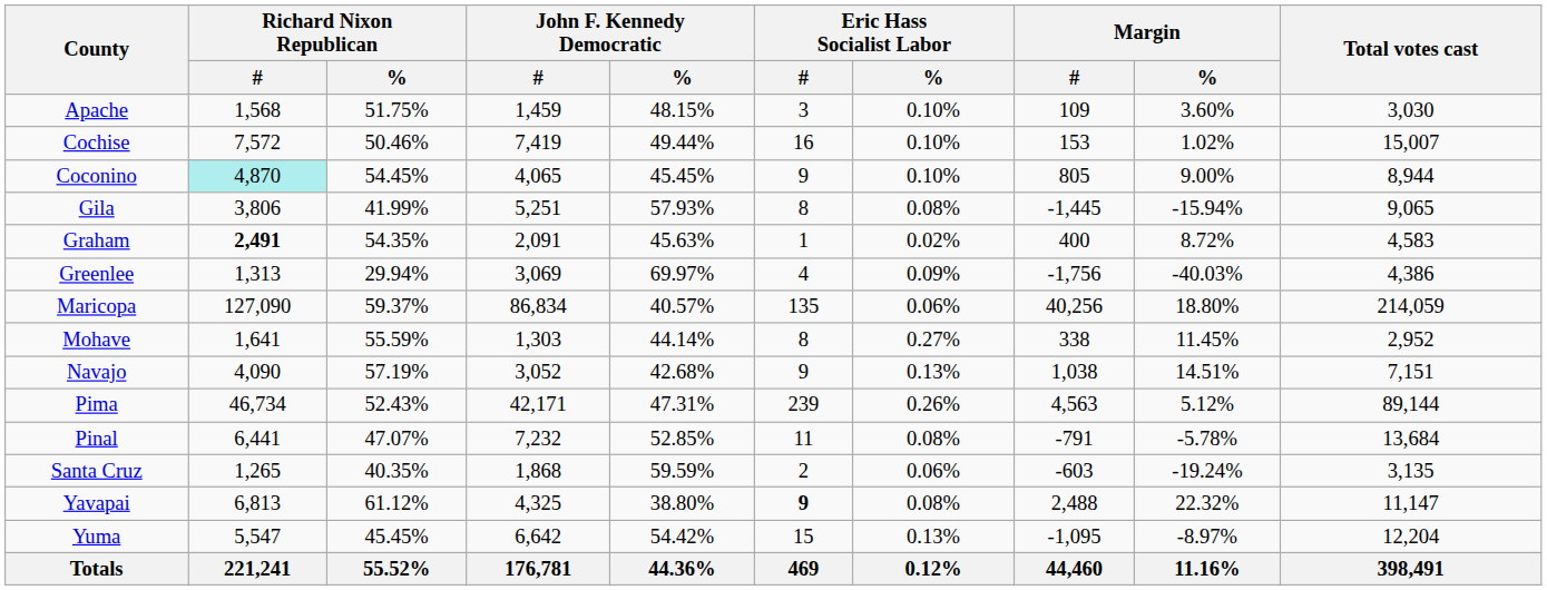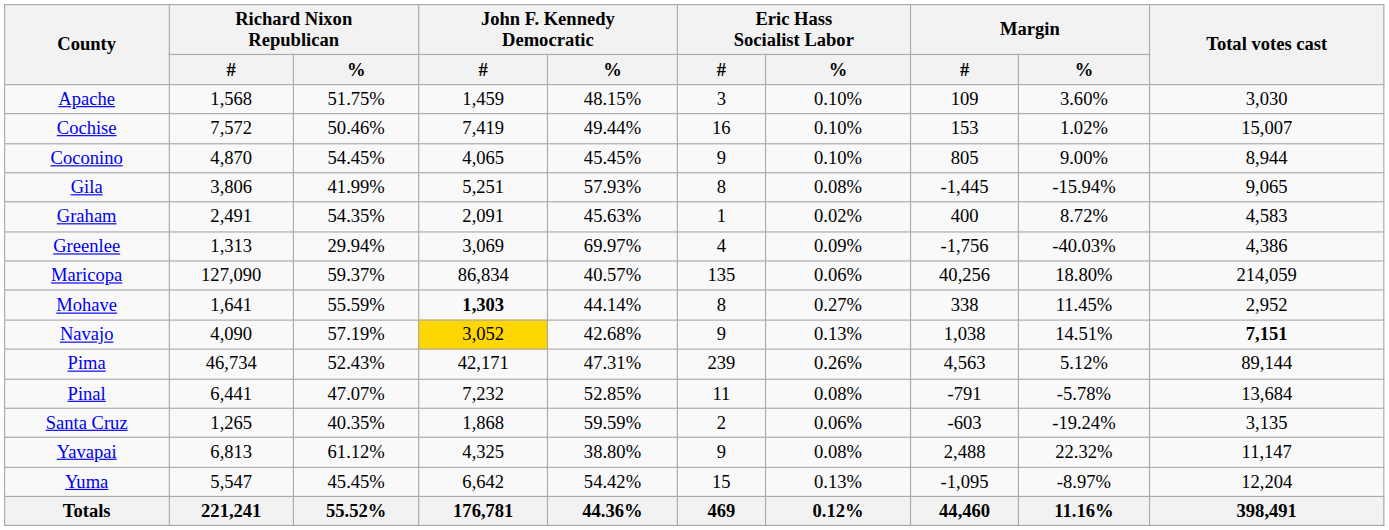 <table width="60%" class="wikitable sortable">
 <tr>
 <th rowspan="2">County</th>
 <th colspan="2">Richard Nixon<br>Republican</th>
 <th colspan="2">John F. Kennedy<br>Democratic</th>
 <th colspan="2">Eric Hass<br>Socialist Labor</th>
 <th colspan="2">Margin</th>
 <th rowspan="2">Total votes cast</th>
 </tr>
 <tr>
 <th data-sort-type="number">#</th>
 <th data-sort-type="number">%</th>
 <th data-sort-type="number">#</th>
 <th data-sort-type="number">%</th>
 <th data-sort-type="number">#</th>
 <th data-sort-type="number">%</th>
 <th data-sort-type="number">#</th>
 <th data-sort-type="number">%</th>
 </tr>
 <tr style="text-align:center;">
 <td><a href='#'>Apache</a></td>
 <td>1,568</td>
 <td>51.75%</td>
 <td>1,459</td>
 <td>48.15%</td>
 <td>3</td>
 <td>0.10%</td>
 <td>109</td>
 <td>3.60%</td>
 <td>3,030</td>
 </tr>
 <tr style="text-align:center;">
 <td><a href='#'>Cochise</a></td>
 <td>7,572</td>
 <td>50.46%</td>
 <td>7,419</td>
 <td>49.44%</td>
 <td>16</td>
 <td>0.10%</td>
 <td>153</td>
 <td>1.02%</td>
 <td>15,007</td>
 </tr>
 <tr style="text-align:center;">
 <td><a href='#'>Coconino</a></td>
-<td style="background: paleturquoise;">4,870</td>
+<td>4,870</td>
 <td>54.45%</td>
 <td>4,065</td>
 <td>45.45%</td>
 <td>9</td>
 <td>0.10%</td>
 <td>805</td>
 <td>9.00%</td>
 <td>8,944</td>
 </tr>
 <tr style="text-align:center;">
 <td><a href='#'>Gila</a></td>
 <td>3,806</td>
 <td>41.99%</td>
 <td>5,251</td>
 <td>57.93%</td>
 <td>8</td>
 <td>0.08%</td>
 <td>-1,445</td>
 <td>-15.94%</td>
 <td>9,065</td>
 </tr>
 <tr style="text-align:center;">
 <td><a href='#'>Graham</a></td>
-<td><strong>2,491</strong></td>
+<td>2,491</td>
 <td>54.35%</td>
 <td>2,091</td>
 <td>45.63%</td>
 <td>1</td>
 <td>0.02%</td>
 <td>400</td>
 <td>8.72%</td>
 <td>4,583</td>
 </tr>
 <tr style="text-align:center;">
 <td><a href='#'>Greenlee</a></td>
 <td>1,313</td>
 <td>29.94%</td>
 <td>3,069</td>
 <td>69.97%</td>
 <td>4</td>
 <td>0.09%</td>
 <td>-1,756</td>
 <td>-40.03%</td>
 <td>4,386</td>
 </tr>
 <tr style="text-align:center;">
 <td><a href='#'>Maricopa</a></td>
 <td>127,090</td>
 <td>59.37%</td>
 <td>86,834</td>
 <td>40.57%</td>
 <td>135</td>
 <td>0.06%</td>
 <td>40,256</td>
 <td>18.80%</td>
 <td>214,059</td>
 </tr>
 <tr style="text-align:center;">
 <td><a href='#'>Mohave</a></td>
 <td>1,641</td>
 <td>55.59%</td>
-<td>1,303</td>
+<td><strong>1,303</strong></td>
 <td>44.14%</td>
 <td>8</td>
 <td>0.27%</td>
 <td>338</td>
 <td>11.45%</td>
 <td>2,952</td>
 </tr>
 <tr style="text-align:center;">
 <td><a href='#'>Navajo</a></td>
 <td>4,090</td>
 <td>57.19%</td>
-<td>3,052</td>
+<td style="background: gold;">3,052</td>
 <td>42.68%</td>
 <td>9</td>
 <td>0.13%</td>
 <td>1,038</td>
 <td>14.51%</td>
-<td>7,151</td>
+<td><strong>7,151</strong></td>
 </tr>
 <tr style="text-align:center;">
 <td><a href='#'>Pima</a></td>
 <td>46,734</td>
 <td>52.43%</td>
 <td>42,171</td>
 <td>47.31%</td>
 <td>239</td>
 <td>0.26%</td>
 <td>4,563</td>
 <td>5.12%</td>
 <td>89,144</td>
 </tr>
 <tr style="text-align:center;">
 <td><a href='#'>Pinal</a></td>
 <td>6,441</td>
 <td>47.07%</td>
 <td>7,232</td>
 <td>52.85%</td>
 <td>11</td>
 <td>0.08%</td>
 <td>-791</td>
 <td>-5.78%</td>
 <td>13,684</td>
 </tr>
 <tr style="text-align:center;">
 <td><a href='#'>Santa Cruz</a></td>
 <td>1,265</td>
 <td>40.35%</td>
 <td>1,868</td>
 <td>59.59%</td>
 <td>2</td>
 <td>0.06%</td>
 <td>-603</td>
 <td>-19.24%</td>
 <td>3,135</td>
 </tr>
 <tr style="text-align:center;">
 <td><a href='#'>Yavapai</a></td>
 <td>6,813</td>
 <td>61.12%</td>
 <td>4,325</td>
 <td>38.80%</td>
-<td><strong>9</strong></td>
+<td>9</td>
 <td>0.08%</td>
 <td>2,488</td>
 <td>22.32%</td>
 <td>11,147</td>
 </tr>
 <tr style="text-align:center;">
 <td><a href='#'>Yuma</a></td>
 <td>5,547</td>
 <td>45.45%</td>
 <td>6,642</td>
 <td>54.42%</td>
 <td>15</td>
 <td>0.13%</td>
 <td>-1,095</td>
 <td>-8.97%</td>
 <td>12,204</td>
 </tr>
 <tr style="text-align:center;">
 <th>Totals</th>
 <th>221,241</th>
 <th>55.52%</th>
 <th>176,781</th>
 <th>44.36%</th>
 <th>469</th>
 <th>0.12%</th>
 <th>44,460</th>
 <th>11.16%</th>
 <th>398,491</th>
 </tr>
 </table>
